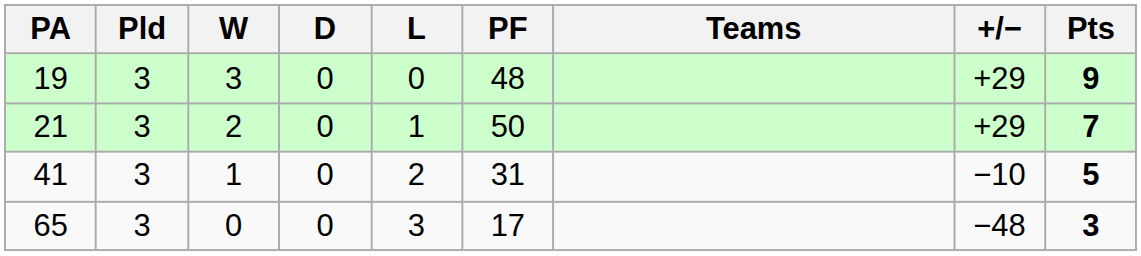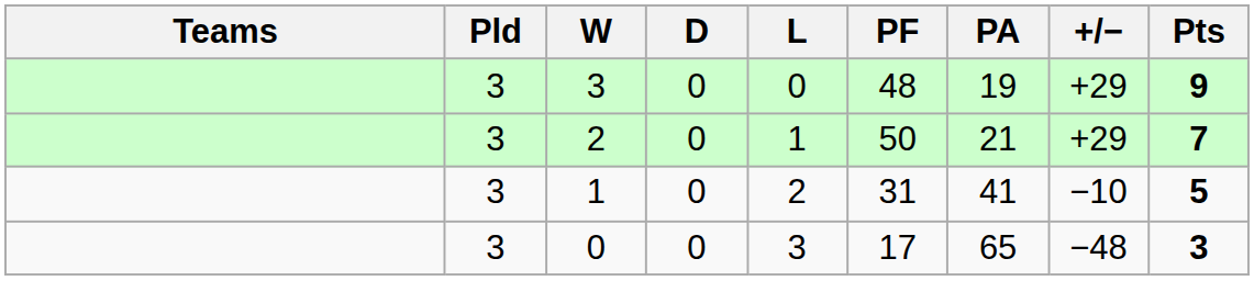 <table class="wikitable" style="text-align: center;">
 <tr>
-<th width="40">PA</th>
+<th width="200">Teams</th>
 <th width="40">Pld</th>
 <th width="40">W</th>
 <th width="40">D</th>
 <th width="40">L</th>
 <th width="40">PF</th>
-<th width="200">Teams</th>
+<th width="40">PA</th>
 <th width="40">+/−</th>
 <th width="40">Pts</th>
 </tr>
 <tr bgcolor=ccffcc>
-<td>19</td>
+<td align=left></td>
 <td>3</td>
 <td>3</td>
 <td>0</td>
 <td>0</td>
 <td>48</td>
-<td align=left></td>
+<td>19</td>
 <td>+29</td>
 <td><strong>9</strong></td>
 </tr>
 <tr bgcolor=ccffcc>
-<td>21</td>
+<td align=left></td>
 <td>3</td>
 <td>2</td>
 <td>0</td>
 <td>1</td>
 <td>50</td>
-<td align=left></td>
+<td>21</td>
 <td>+29</td>
 <td><strong>7</strong></td>
 </tr>
 <tr>
-<td>41</td>
+<td align=left></td>
 <td>3</td>
 <td>1</td>
 <td>0</td>
 <td>2</td>
 <td>31</td>
-<td align=left></td>
+<td>41</td>
 <td>−10</td>
 <td><strong>5</strong></td>
 </tr>
 <tr>
-<td>65</td>
+<td align=left></td>
 <td>3</td>
 <td>0</td>
 <td>0</td>
 <td>3</td>
 <td>17</td>
-<td align=left></td>
+<td>65</td>
 <td>−48</td>
 <td><strong>3</strong></td>
 </tr>
 </table>
